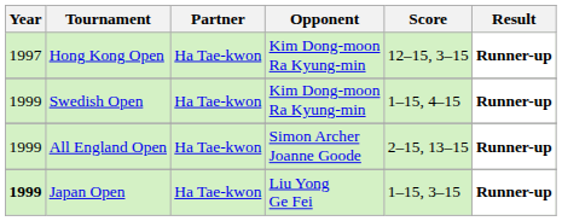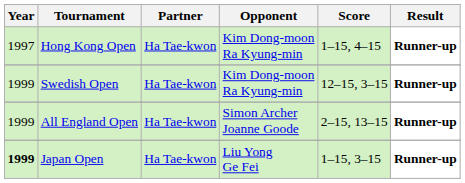 <table class="sortable wikitable" style="font-size: 90%;">
 <tr>
 <th>Year</th>
 <th>Tournament</th>
 <th>Partner</th>
 <th>Opponent</th>
 <th>Score</th>
 <th>Result</th>
 </tr>
 <tr style="background:#D4F1C5">
 <td align="center">1997</td>
 <td align="left"><a href='#'>Hong Kong Open</a></td>
 <td align="left"> <a href='#'>Ha Tae-kwon</a></td>
 <td align="left"> <a href='#'>Kim Dong-moon</a> <br>  <a href='#'>Ra Kyung-min</a></td>
-<td align="left">12–15, 3–15</td>
+<td align="left">1–15, 4–15</td>
 <td style="text-align:left; background:white"> <strong>Runner-up</strong></td>
 </tr>
 <tr>
 </tr>
 <tr style="background:#D4F1C5">
 <td align="center">1999</td>
 <td align="left"><a href='#'>Swedish Open</a></td>
 <td align="left"> <a href='#'>Ha Tae-kwon</a></td>
 <td align="left"> <a href='#'>Kim Dong-moon</a> <br>  <a href='#'>Ra Kyung-min</a></td>
-<td align="left">1–15, 4–15</td>
+<td align="left">12–15, 3–15</td>
 <td style="text-align:left; background:white"> <strong>Runner-up</strong></td>
 </tr>
 <tr>
 </tr>
 <tr style="background:#D4F1C5">
 <td align="center">1999</td>
 <td align="left"><a href='#'>All England Open</a></td>
 <td align="left"> <a href='#'>Ha Tae-kwon</a></td>
 <td align="left"> <a href='#'>Simon Archer</a> <br>  <a href='#'>Joanne Goode</a></td>
 <td align="left">2–15, 13–15</td>
 <td style="text-align:left; background:white"> <strong>Runner-up</strong></td>
 </tr>
 <tr>
 </tr>
 <tr style="background:#D4F1C5">
 <td align="center"><strong>1999</strong></td>
 <td align="left"><a href='#'>Japan Open</a></td>
 <td align="left"> <a href='#'>Ha Tae-kwon</a></td>
 <td align="left"> <a href='#'>Liu Yong</a> <br>  <a href='#'>Ge Fei</a></td>
 <td align="left">1–15, 3–15</td>
 <td style="text-align:left; background:white"> <strong>Runner-up</strong></td>
 </tr>
 </table>
